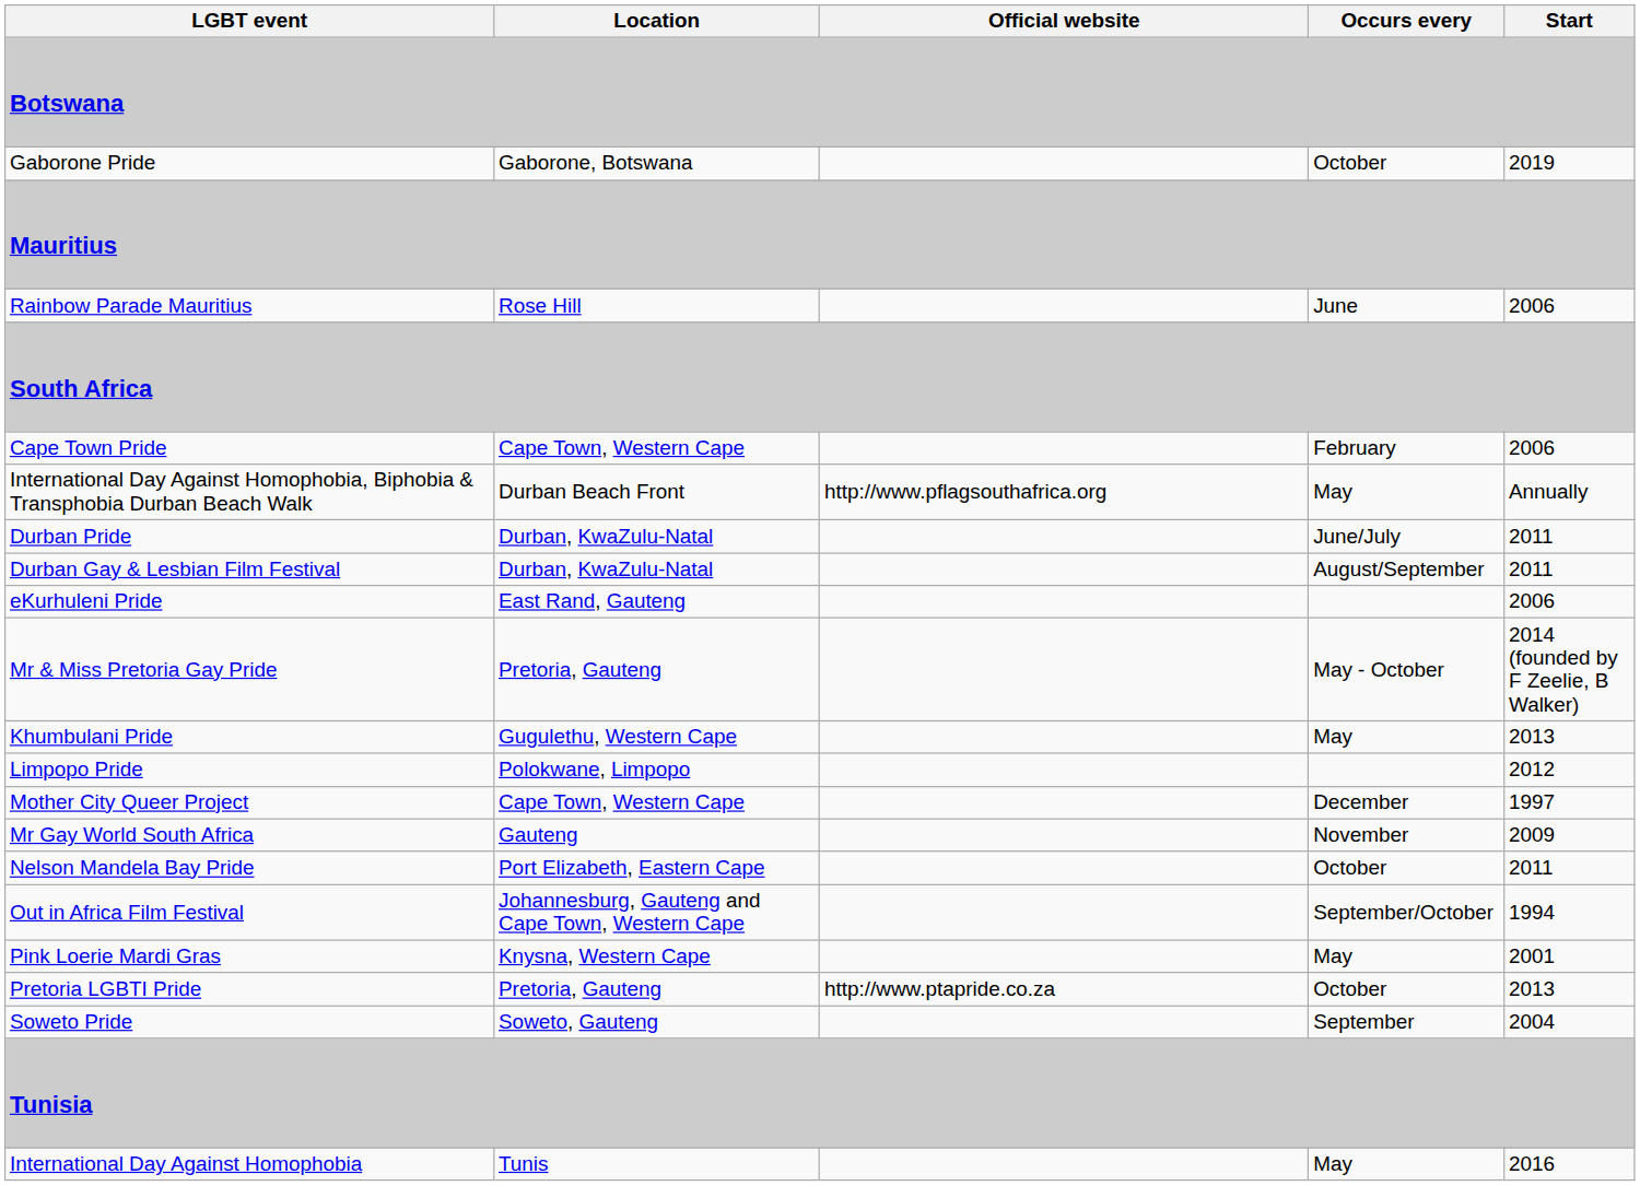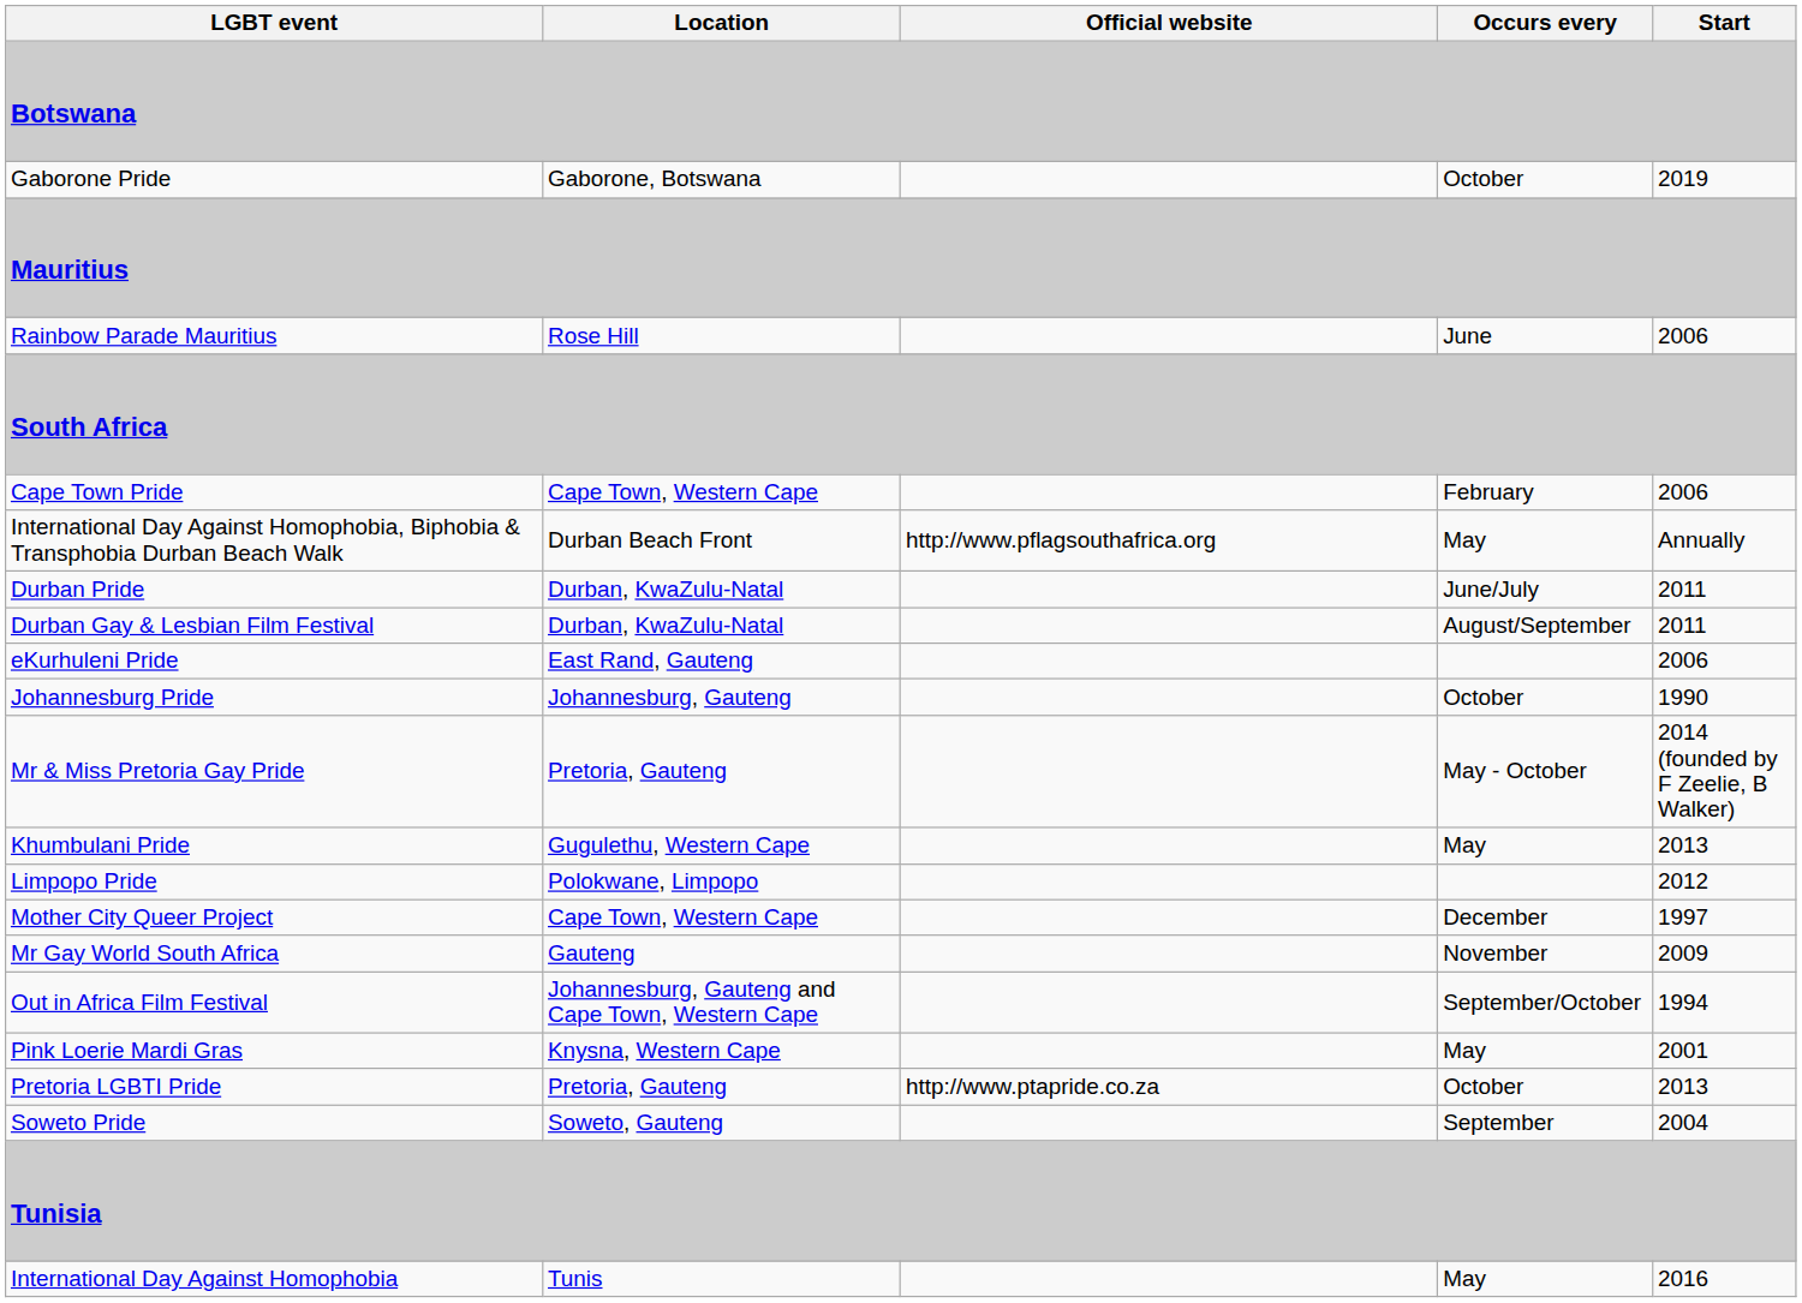 <table class="wikitable sortable" style="width:100%;">
 <tr>
 <th style="width:30%;">LGBT event</th>
 <th style="width:20%;">Location</th>
 <th style="width:30%;">Official website</th>
 <th style="width:12%;">Occurs every</th>
 <th style="width:8%;">Start</th>
 </tr>
 <tr>
 <td colspan="5" style="background:#ccc;"><br><h3><a href='#'>Botswana</a></h3></td>
 </tr>
 <tr>
 <td>Gaborone Pride</td>
 <td>Gaborone, Botswana</td>
 <td></td>
 <td>October</td>
 <td>2019</td>
 </tr>
 <tr>
 <td colspan="5" style="background:#ccc;"><br><h3><a href='#'>Mauritius</a></h3></td>
 </tr>
 <tr>
 <td><a href='#'>Rainbow Parade Mauritius</a></td>
 <td><a href='#'>Rose Hill</a></td>
 <td></td>
 <td>June</td>
 <td>2006</td>
 </tr>
 <tr>
 <td colspan="5" style="background:#ccc;"><br><h3><a href='#'>South Africa</a></h3></td>
 </tr>
 <tr>
 <td><a href='#'>Cape Town Pride</a></td>
 <td><a href='#'>Cape Town</a>, <a href='#'>Western Cape</a></td>
 <td></td>
 <td>February</td>
 <td>2006</td>
 </tr>
 <tr>
 <td>International Day Against Homophobia, Biphobia & Transphobia Durban Beach Walk</td>
 <td>Durban Beach Front</td>
 <td>http://www.pflagsouthafrica.org</td>
 <td>May</td>
 <td>Annually</td>
 </tr>
 <tr>
 <td><a href='#'>Durban Pride</a></td>
 <td><a href='#'>Durban</a>, <a href='#'>KwaZulu-Natal</a></td>
 <td></td>
 <td>June/July</td>
 <td>2011</td>
 </tr>
 <tr>
 <td><a href='#'>Durban Gay & Lesbian Film Festival</a></td>
 <td><a href='#'>Durban</a>, <a href='#'>KwaZulu-Natal</a></td>
 <td></td>
 <td>August/September</td>
 <td>2011</td>
 </tr>
 <tr>
 <td><a href='#'>eKurhuleni Pride</a></td>
 <td><a href='#'>East Rand</a>, <a href='#'>Gauteng</a></td>
 <td></td>
 <td></td>
 <td>2006</td>
 </tr>
 <tr>
+<td><a href='#'>Johannesburg Pride</a></td>
+<td><a href='#'>Johannesburg</a>, <a href='#'>Gauteng</a></td>
+<td></td>
+<td>October</td>
+<td>1990</td>
+</tr>
+<tr>
 <td><a href='#'>Mr & Miss Pretoria Gay Pride</a></td>
 <td><a href='#'>Pretoria</a>, <a href='#'>Gauteng</a></td>
 <td></td>
 <td>May - October</td>
 <td>2014 (founded by F Zeelie, B Walker)</td>
 </tr>
 <tr>
 <td><a href='#'>Khumbulani Pride</a></td>
 <td><a href='#'>Gugulethu</a>, <a href='#'>Western Cape</a></td>
 <td></td>
 <td>May</td>
 <td>2013</td>
 </tr>
 <tr>
 <td><a href='#'>Limpopo Pride</a></td>
 <td><a href='#'>Polokwane</a>, <a href='#'>Limpopo</a></td>
 <td></td>
 <td></td>
 <td>2012</td>
 </tr>
 <tr>
 <td><a href='#'>Mother City Queer Project</a></td>
 <td><a href='#'>Cape Town</a>, <a href='#'>Western Cape</a></td>
 <td></td>
 <td>December</td>
 <td>1997</td>
 </tr>
 <tr>
 <td><a href='#'>Mr Gay World South Africa</a></td>
 <td><a href='#'>Gauteng</a></td>
 <td></td>
 <td>November</td>
 <td>2009</td>
-</tr>
-<tr>
-<td><a href='#'>Nelson Mandela Bay Pride</a></td>
-<td><a href='#'>Port Elizabeth</a>, <a href='#'>Eastern Cape</a></td>
-<td></td>
-<td>October</td>
-<td>2011</td>
 </tr>
 <tr>
 <td><a href='#'>Out in Africa Film Festival</a></td>
 <td><a href='#'>Johannesburg</a>, <a href='#'>Gauteng</a> and <a href='#'>Cape Town</a>, <a href='#'>Western Cape</a></td>
 <td> </td>
 <td>September/October</td>
 <td>1994</td>
 </tr>
 <tr>
 <td><a href='#'>Pink Loerie Mardi Gras</a></td>
 <td><a href='#'>Knysna</a>, <a href='#'>Western Cape</a></td>
 <td></td>
 <td>May</td>
 <td>2001</td>
 </tr>
 <tr>
 <td><a href='#'>Pretoria LGBTI Pride</a></td>
 <td><a href='#'>Pretoria</a>, <a href='#'>Gauteng</a></td>
 <td>http://www.ptapride.co.za</td>
 <td>October</td>
 <td>2013</td>
 </tr>
 <tr>
 <td><a href='#'>Soweto Pride</a></td>
 <td><a href='#'>Soweto</a>, <a href='#'>Gauteng</a></td>
 <td></td>
 <td>September</td>
 <td>2004</td>
 </tr>
 <tr>
 <td colspan="5" style="background:#ccc;"><br><h3><a href='#'>Tunisia</a></h3></td>
 </tr>
 <tr>
 <td><a href='#'>International Day Against Homophobia</a></td>
 <td><a href='#'>Tunis</a></td>
 <td></td>
 <td>May</td>
 <td>2016</td>
 </tr>
 </table>
